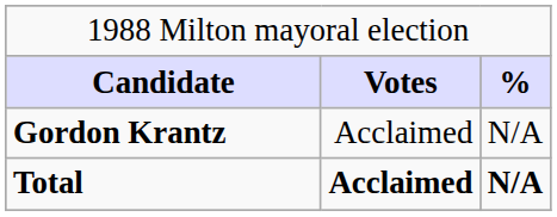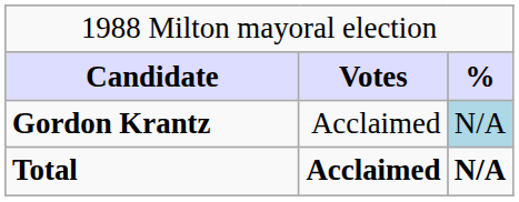 <table class="wikitable sortable">
 <tr>
 <td colspan="3" style="text-align:center;">1988 Milton mayoral election</td>
 </tr>
 <tr>
 <th style="background:#ddf; width:150px;">Candidate</th>
 <th style="background:#ddf;">Votes</th>
 <th style="background:#ddf;">%</th>
 </tr>
 <tr>
 <td><strong>Gordon Krantz</strong></td>
 <td align=right>Acclaimed</td>
-<td align=right>N/A</td>
+<td align=right style="background: lightblue;">N/A</td>
 </tr>
 <tr>
 <td><strong>Total</strong></td>
 <td align=right><strong>Acclaimed</strong></td>
 <td align=right><strong>N/A</strong></td>
 </tr>
 </table>
